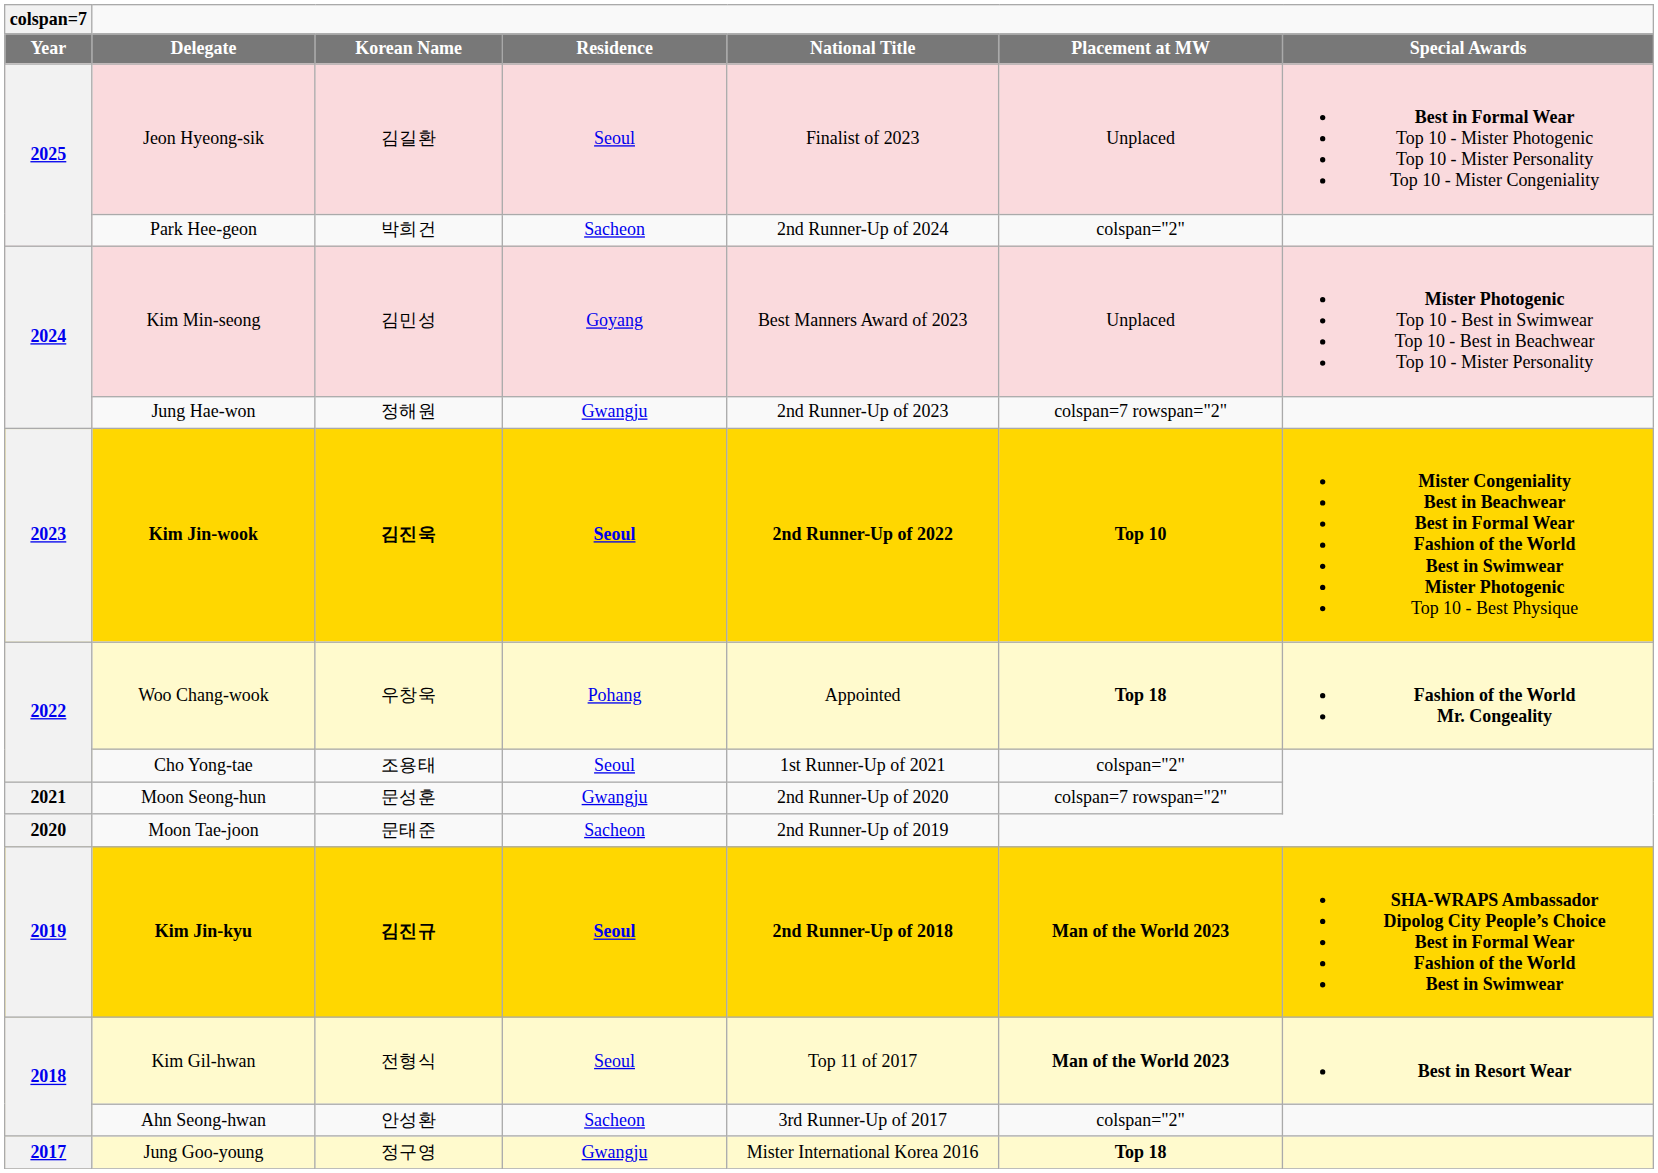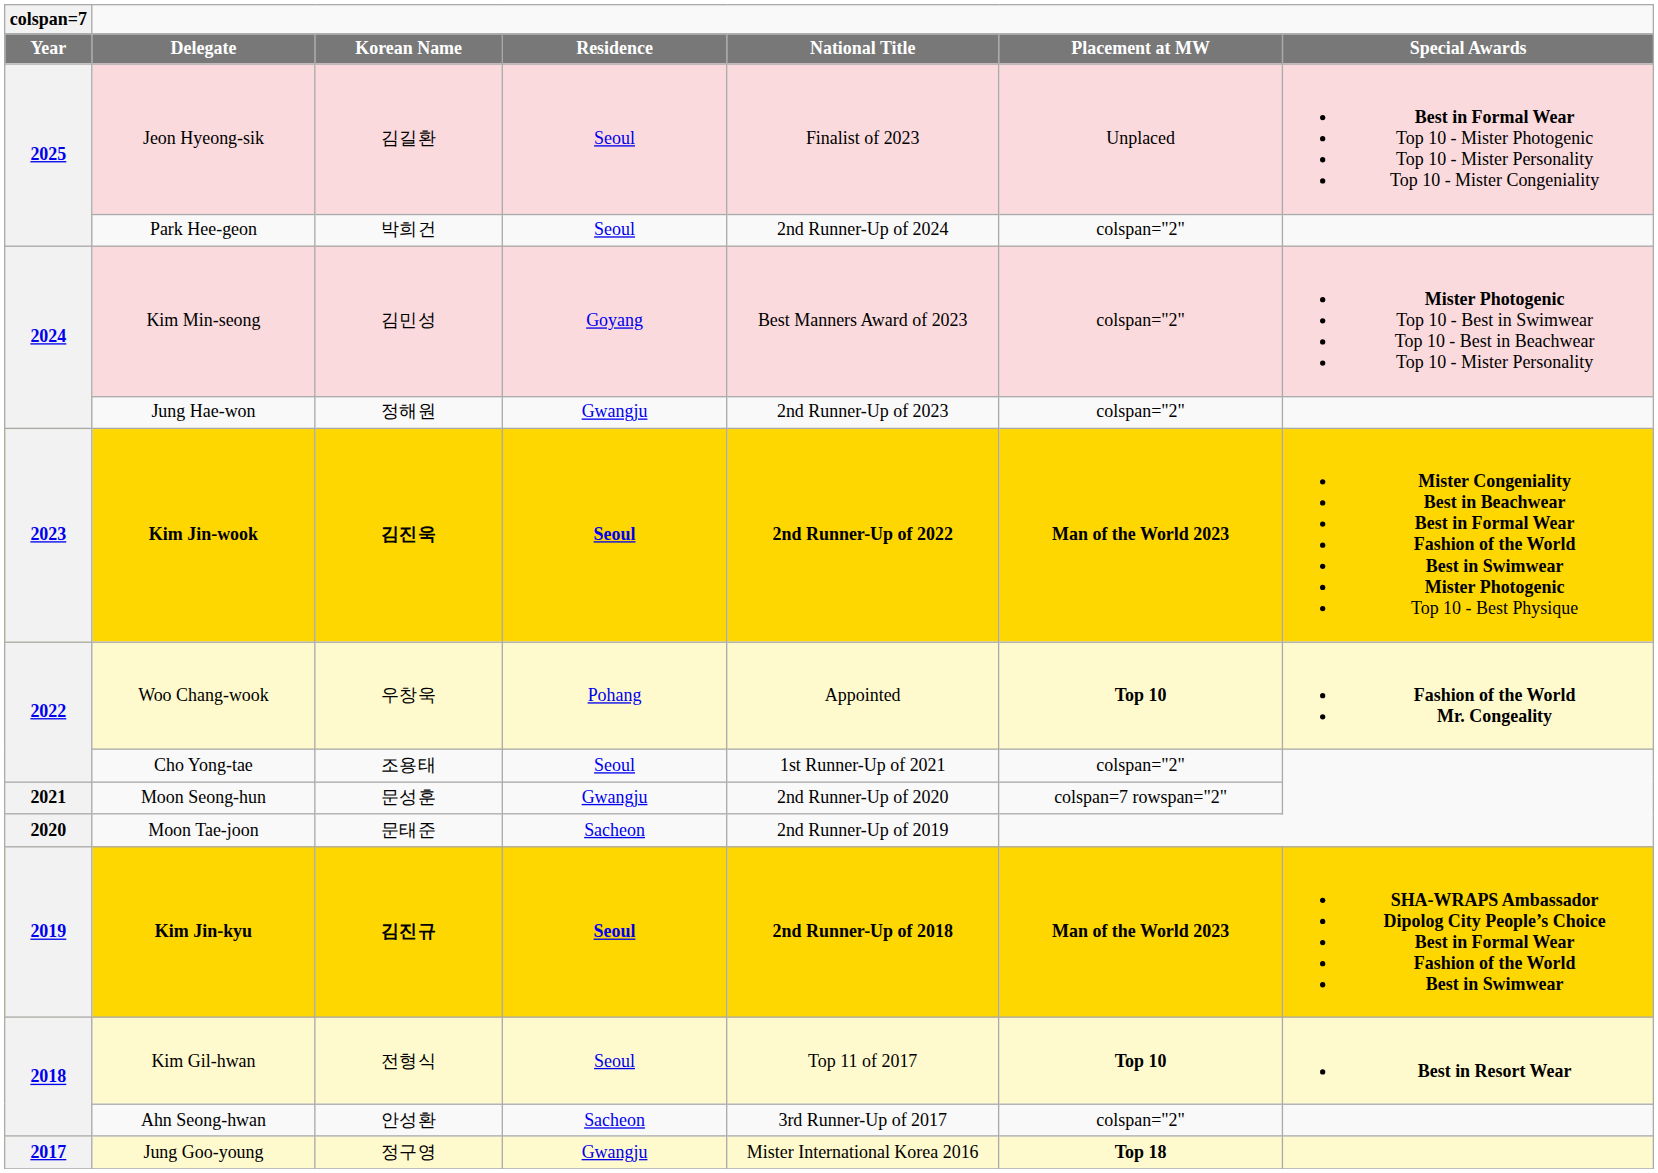 <table class="wikitable sortable" style="font-size: 85%; text-align:center">
 <tr>
 <th>colspan=7 </th>
 </tr>
 <tr>
 <th width="60" style="background-color:#787878;color:#FFFFFF;">Year</th>
 <th width="180" style="background-color:#787878;color:#FFFFFF;">Delegate</th>
 <th width="150" style="background-color:#787878;color:#FFFFFF;">Korean Name</th>
 <th width="180" style="background-color:#787878;color:#FFFFFF;">Residence</th>
 <th width="220" style="background-color:#787878;color:#FFFFFF;">National Title</th>
 <th width="230" style="background-color:#787878;color:#FFFFFF;">Placement at MW</th>
 <th width="300" style="background-color:#787878;color:#FFFFFF;">Special Awards</th>
 </tr>
 <tr style="background-color:#FADADD;: bold">
 <th rowspan="2"><a href='#'>2025</a></th>
 <td>Jeon Hyeong-sik</td>
 <td>김길환</td>
 <td><a href='#'>Seoul</a></td>
 <td>Finalist of 2023</td>
 <td>Unplaced</td>
 <td><br><ul><li> <strong>Best in Formal Wear</strong></li><li>Top 10 -  Mister Photogenic</li><li>Top 10 -  Mister Personality</li><li>Top 10 -  Mister Congeniality</li></ul></td>
 </tr>
 <tr>
 <td>Park Hee-geon</td>
 <td>박희건</td>
-<td><a href='#'>Sacheon</a></td>
+<td><a href='#'>Seoul</a></td>
 <td>2nd Runner-Up of 2024</td>
 <td>colspan="2" </td>
 </tr>
 <tr style="background-color:#FADADD;: bold">
 <th rowspan="2"><a href='#'>2024</a></th>
 <td>Kim Min-seong</td>
 <td>김민성</td>
 <td><a href='#'>Goyang</a></td>
 <td>Best Manners Award of 2023</td>
-<td>Unplaced</td>
+<td>colspan="2" </td>
 <td><br><ul><li> <strong>Mister Photogenic</strong></li><li>Top 10 -  Best in Swimwear</li><li>Top 10 -  Best in Beachwear</li><li>Top 10 -  Mister Personality</li></ul></td>
 </tr>
 <tr>
 <td>Jung Hae-won</td>
 <td>정해원</td>
 <td><a href='#'>Gwangju</a></td>
 <td>2nd Runner-Up of 2023</td>
-<td>colspan=7 rowspan="2" </td>
+<td>colspan="2" </td>
 </tr>
 <tr style="background:GOLD;">
 <th><strong><a href='#'>2023</a></strong></th>
 <td><strong> Kim Jin-wook</strong> </td>
 <td><strong>김진욱</strong></td>
 <td><strong><a href='#'>Seoul</a></strong></td>
 <td><strong> 2nd Runner-Up of 2022</strong></td>
-<td><strong>Top 10</strong></td>
+<td><strong>Man of the World 2023</strong></td>
 <td><br><ul><li><strong> Mister Congeniality</strong></li><li><strong> Best in Beachwear </strong></li><li><strong> Best in Formal Wear</strong></li><li><strong> Fashion of the World</strong></li><li><strong> Best in Swimwear</strong></li><li><strong> Mister Photogenic</strong></li><li>Top 10 -  Best Physique</li></ul></td>
 </tr>
 <tr style="background-color:#FFFACD;">
 <th rowspan="2"><a href='#'>2022</a></th>
 <td>Woo Chang-wook</td>
 <td>우창욱</td>
 <td><a href='#'>Pohang</a></td>
 <td>Appointed</td>
-<td><strong>Top 18</strong></td>
+<td><strong>Top 10</strong></td>
 <td><br><ul><li><strong> Fashion of the World</strong></li><li><strong> Mr. Congeality</strong></li></ul></td>
 </tr>
 <tr>
 <td>Cho Yong-tae</td>
 <td>조용태</td>
 <td><a href='#'>Seoul</a></td>
 <td>1st Runner-Up of 2021</td>
 <td>colspan="2" </td>
 </tr>
 <tr>
 <th>2021</th>
 <td>Moon Seong-hun</td>
 <td>문성훈</td>
 <td><a href='#'>Gwangju</a></td>
 <td>2nd Runner-Up of 2020</td>
 <td>colspan=7 rowspan="2" </td>
 </tr>
 <tr>
 <th>2020</th>
 <td>Moon Tae-joon</td>
 <td>문태준</td>
 <td><a href='#'>Sacheon</a></td>
 <td>2nd Runner-Up of 2019</td>
 </tr>
 <tr style="background-color:GOLD;">
 <th><strong><a href='#'>2019</a></strong></th>
 <td><strong>Kim Jin-kyu</strong></td>
 <td><strong>김진규</strong></td>
 <td><strong><a href='#'>Seoul</a></strong></td>
 <td><strong>2nd Runner-Up of 2018</strong></td>
 <td><strong>Man of the World 2023</strong></td>
 <td><br><ul><li><strong>SHA-WRAPS Ambassador</strong></li><li><strong>Dipolog City People’s Choice</strong></li><li> <strong>Best in Formal Wear</strong></li><li> <strong>Fashion of the World</strong></li><li> <strong>Best in Swimwear</strong></li></ul></td>
 </tr>
 <tr style="background-color:#FFFACD;">
 <th rowspan="2"><a href='#'>2018</a></th>
 <td>Kim Gil-hwan</td>
 <td>전형식</td>
 <td><a href='#'>Seoul</a></td>
 <td>Top 11 of 2017</td>
-<td><strong>Man of the World 2023</strong></td>
+<td><strong>Top 10</strong></td>
 <td><br><ul><li> <strong>Best in Resort Wear</strong></li></ul></td>
 </tr>
 <tr>
 <td>Ahn Seong-hwan</td>
 <td>안성환</td>
 <td><a href='#'>Sacheon</a></td>
 <td>3rd Runner-Up of 2017</td>
 <td>colspan="2" </td>
 </tr>
 <tr style="background-color:#FFFACD;">
 <th><a href='#'>2017</a></th>
 <td>Jung Goo-young</td>
 <td>정구영</td>
 <td><a href='#'>Gwangju</a></td>
 <td>Mister International Korea 2016</td>
 <td><strong>Top 18</strong></td>
 <td></td>
 </tr>
 </table>
